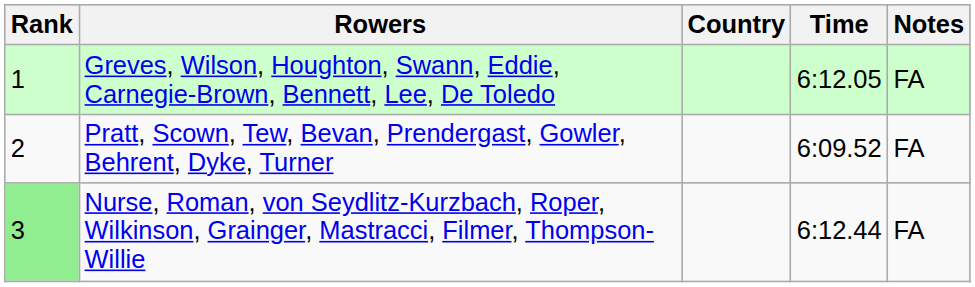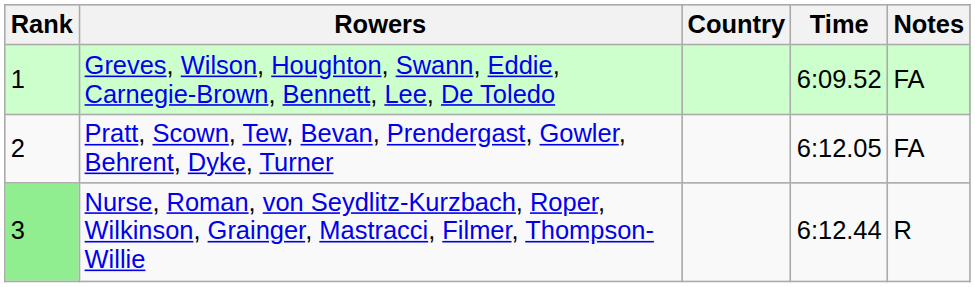 <table class="wikitable">
 <tr>
 <th>Rank</th>
 <th>Rowers</th>
 <th>Country</th>
 <th>Time</th>
 <th>Notes</th>
 </tr>
 <tr bgcolor=ccffcc>
 <td>1</td>
 <td><a href='#'>Greves</a>, <a href='#'>Wilson</a>, <a href='#'>Houghton</a>, <a href='#'>Swann</a>, <a href='#'>Eddie</a>, <a href='#'>Carnegie-Brown</a>, <a href='#'>Bennett</a>, <a href='#'>Lee</a>, <a href='#'>De Toledo</a></td>
 <td></td>
-<td>6:12.05</td>
+<td>6:09.52</td>
 <td>FA</td>
 </tr>
 <tr>
 <td>2</td>
 <td><a href='#'>Pratt</a>, <a href='#'>Scown</a>, <a href='#'>Tew</a>, <a href='#'>Bevan</a>, <a href='#'>Prendergast</a>, <a href='#'>Gowler</a>, <a href='#'>Behrent</a>, <a href='#'>Dyke</a>, <a href='#'>Turner</a></td>
 <td></td>
-<td>6:09.52</td>
+<td>6:12.05</td>
 <td>FA</td>
 </tr>
 <tr>
 <td style="background: lightgreen;">3</td>
 <td><a href='#'>Nurse</a>, <a href='#'>Roman</a>, <a href='#'>von Seydlitz-Kurzbach</a>, <a href='#'>Roper</a>, <a href='#'>Wilkinson</a>, <a href='#'>Grainger</a>, <a href='#'>Mastracci</a>, <a href='#'>Filmer</a>, <a href='#'>Thompson-Willie</a></td>
 <td></td>
 <td>6:12.44</td>
-<td>FA</td>
+<td>R</td>
 </tr>
 </table>
